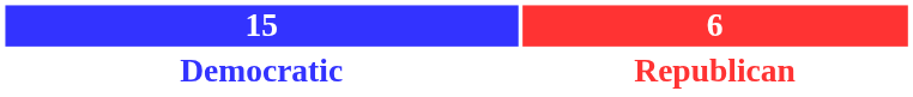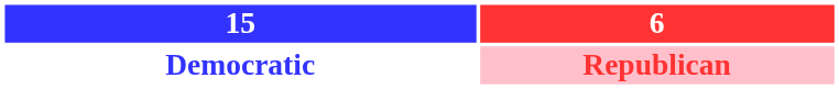 <table style="width:50%">
 <tr>
 <td scope="row" style="background:#33F; width:57%; text-align:center; color:white"><strong>15</strong><br></td>
 <td style="background:#F33; width:43%; text-align:center; color:white"><strong>6</strong></td>
 </tr>
 <tr>
 <td scope="row" style="text-align:center; color:#33F"><strong>Democratic</strong><br></td>
-<td style="text-align:center; color:#F33"><strong>Republican</strong></td>
+<td style="background: pink; text-align:center; color:#F33"><strong>Republican</strong></td>
 </tr>
 </table>
